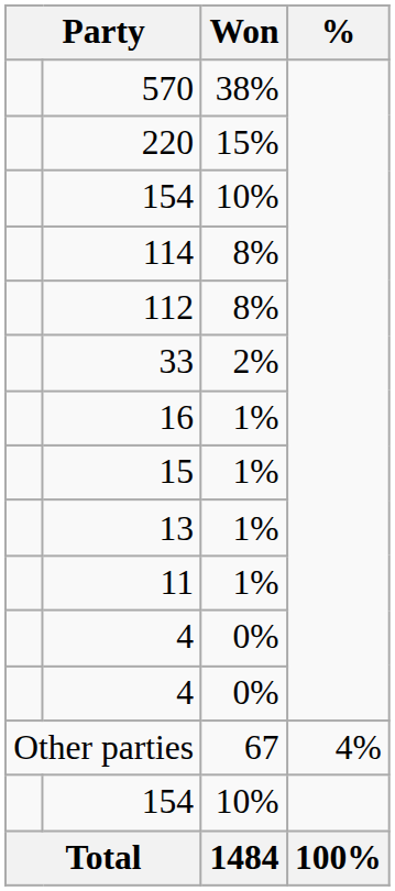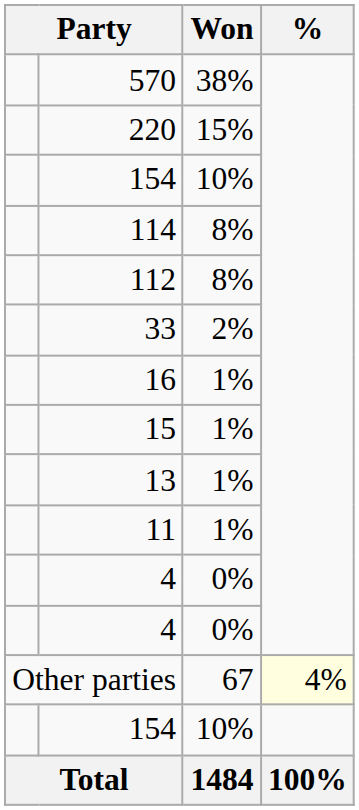 <table class=wikitable style="text-align:right;">
 <tr>
 <th colspan=2>Party</th>
 <th>Won</th>
 <th>%</th>
 </tr>
 <tr>
 <td></td>
 <td>570</td>
 <td>38%</td>
 </tr>
 <tr>
 <td></td>
 <td>220</td>
 <td>15%</td>
 </tr>
 <tr>
 <td></td>
 <td>154</td>
 <td>10%</td>
 </tr>
 <tr>
 <td></td>
 <td>114</td>
 <td>8%</td>
 </tr>
 <tr>
 <td></td>
 <td>112</td>
 <td>8%</td>
 </tr>
 <tr>
 <td></td>
 <td>33</td>
 <td>2%</td>
 </tr>
 <tr>
 <td></td>
 <td>16</td>
 <td>1%</td>
 </tr>
 <tr>
 <td></td>
 <td>15</td>
 <td>1%</td>
 </tr>
 <tr>
 <td></td>
 <td>13</td>
 <td>1%</td>
 </tr>
 <tr>
 <td></td>
 <td>11</td>
 <td>1%</td>
 </tr>
 <tr>
 <td></td>
 <td>4</td>
 <td>0%</td>
 </tr>
 <tr>
 <td></td>
 <td>4</td>
 <td>0%</td>
 </tr>
 <tr>
 <td colspan=2 align=left>Other parties</td>
 <td>67</td>
-<td>4%</td>
+<td style="background: lightyellow;">4%</td>
 </tr>
 <tr>
 <td></td>
 <td>154</td>
 <td>10%</td>
 </tr>
 <tr>
 <th colspan=2>Total</th>
 <th>1484</th>
 <th>100%</th>
 </tr>
 </table>
